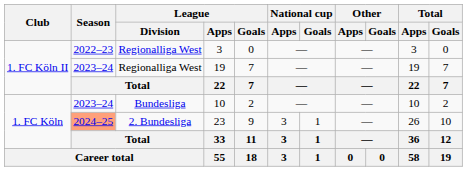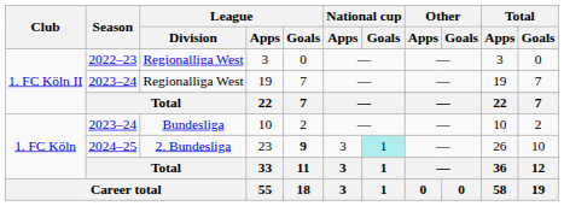 <table class="wikitable" style="text-align:center">
 <tr>
 <th rowspan="2">Club</th>
 <th rowspan="2">Season</th>
 <th colspan="3">League</th>
 <th colspan="2">National cup</th>
 <th colspan="2">Other</th>
 <th colspan="2">Total</th>
 </tr>
 <tr>
 <th>Division</th>
 <th>Apps</th>
 <th>Goals</th>
 <th>Apps</th>
 <th>Goals</th>
 <th>Apps</th>
 <th>Goals</th>
 <th>Apps</th>
 <th>Goals</th>
 </tr>
 <tr>
 <td rowspan="3"><a href='#'>1. FC Köln II</a></td>
 <td><a href='#'>2022–23</a></td>
 <td><a href='#'>Regionalliga West</a></td>
 <td>3</td>
 <td>0</td>
 <td colspan="2">—</td>
 <td colspan="2">—</td>
 <td>3</td>
 <td>0</td>
 </tr>
 <tr>
 <td><a href='#'>2023–24</a></td>
 <td>Regionalliga West</td>
 <td>19</td>
 <td>7</td>
 <td colspan="2">—</td>
 <td colspan="2">—</td>
 <td>19</td>
 <td>7</td>
 </tr>
 <tr>
 <th colspan="2">Total</th>
 <th>22</th>
 <th>7</th>
 <th colspan="2">—</th>
 <th colspan="2">—</th>
 <th>22</th>
 <th>7</th>
 </tr>
 <tr>
 <td rowspan="3"><a href='#'>1. FC Köln</a></td>
 <td><a href='#'>2023–24</a></td>
 <td><a href='#'>Bundesliga</a></td>
 <td>10</td>
 <td>2</td>
 <td colspan="2">—</td>
 <td colspan="2">—</td>
 <td>10</td>
 <td>2</td>
 </tr>
 <tr>
-<td style="background: lightsalmon;"><a href='#'>2024–25</a></td>
+<td><a href='#'>2024–25</a></td>
 <td><a href='#'>2. Bundesliga</a></td>
 <td>23</td>
-<td>9</td>
+<td><strong>9</strong></td>
 <td>3</td>
-<td>1</td>
+<td style="background: paleturquoise;">1</td>
 <td colspan="2">—</td>
 <td>26</td>
 <td>10</td>
 </tr>
 <tr>
 <th colspan="2">Total</th>
 <th>33</th>
 <th>11</th>
 <th>3</th>
 <th>1</th>
 <th colspan="2">—</th>
 <th>36</th>
 <th>12</th>
 </tr>
 <tr>
 <th colspan="3">Career total</th>
 <th>55</th>
 <th>18</th>
 <th>3</th>
 <th>1</th>
 <th>0</th>
 <th>0</th>
 <th>58</th>
 <th>19</th>
 </tr>
 </table>
